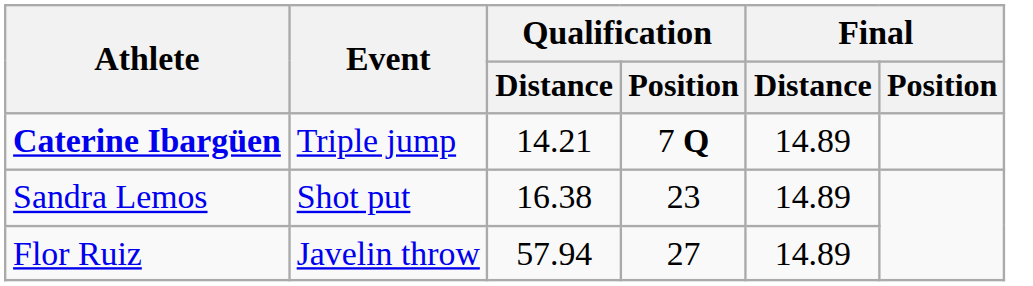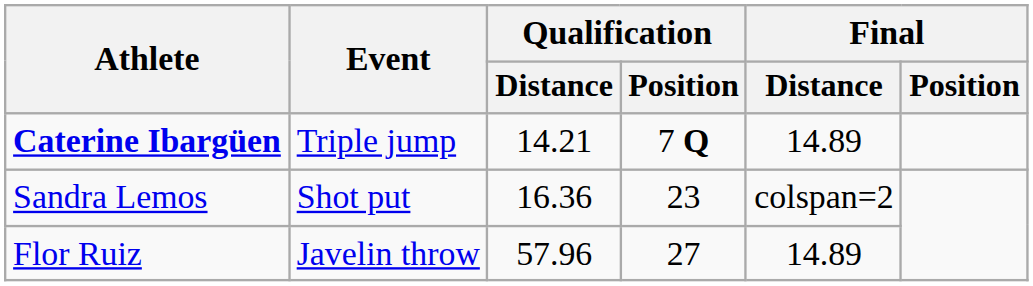 <table class=wikitable style=font-size:90%>
 <tr>
 <th rowspan=2>Athlete</th>
 <th rowspan=2>Event</th>
 <th colspan=2>Qualification</th>
 <th colspan=2>Final</th>
 </tr>
 <tr style=font-size:95%>
 <th>Distance</th>
 <th>Position</th>
 <th>Distance</th>
 <th>Position</th>
 </tr>
 <tr align=center>
 <td align=left><strong><a href='#'>Caterine Ibargüen</a></strong></td>
 <td align=left><a href='#'>Triple jump</a></td>
 <td>14.21</td>
 <td>7 <strong>Q</strong></td>
 <td>14.89</td>
 <td></td>
 </tr>
 <tr align=center>
 <td align=left><a href='#'>Sandra Lemos</a></td>
 <td align=left><a href='#'>Shot put</a></td>
-<td>16.38</td>
+<td>16.36</td>
 <td>23</td>
-<td>14.89</td>
+<td>colspan=2 </td>
 </tr>
 <tr align=center>
 <td align=left><a href='#'>Flor Ruiz</a></td>
 <td align=left><a href='#'>Javelin throw</a></td>
-<td>57.94</td>
+<td>57.96</td>
 <td>27</td>
 <td>14.89</td>
 </tr>
 </table>
